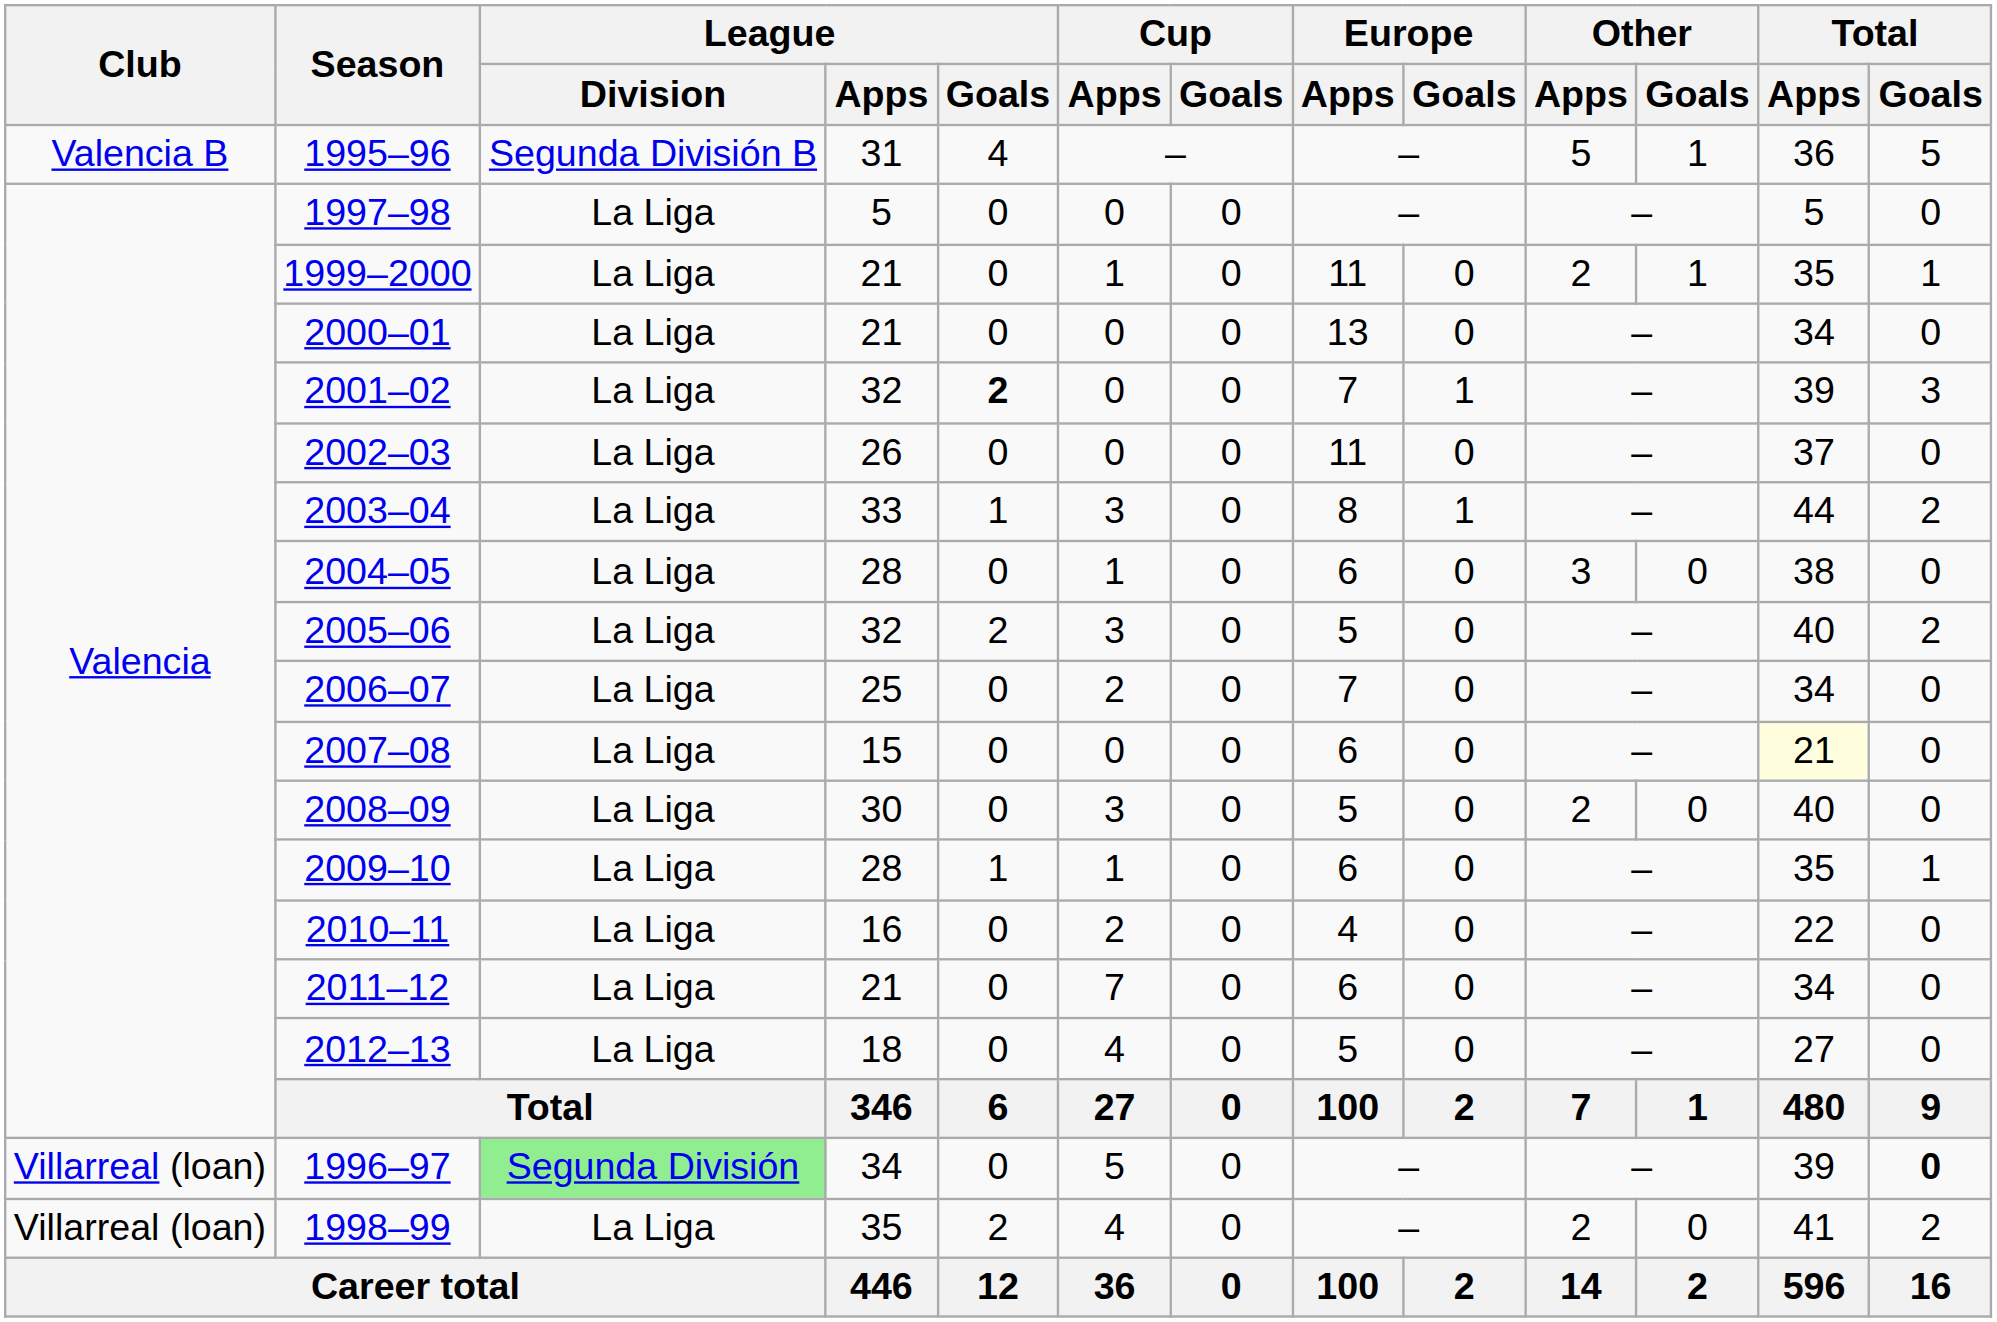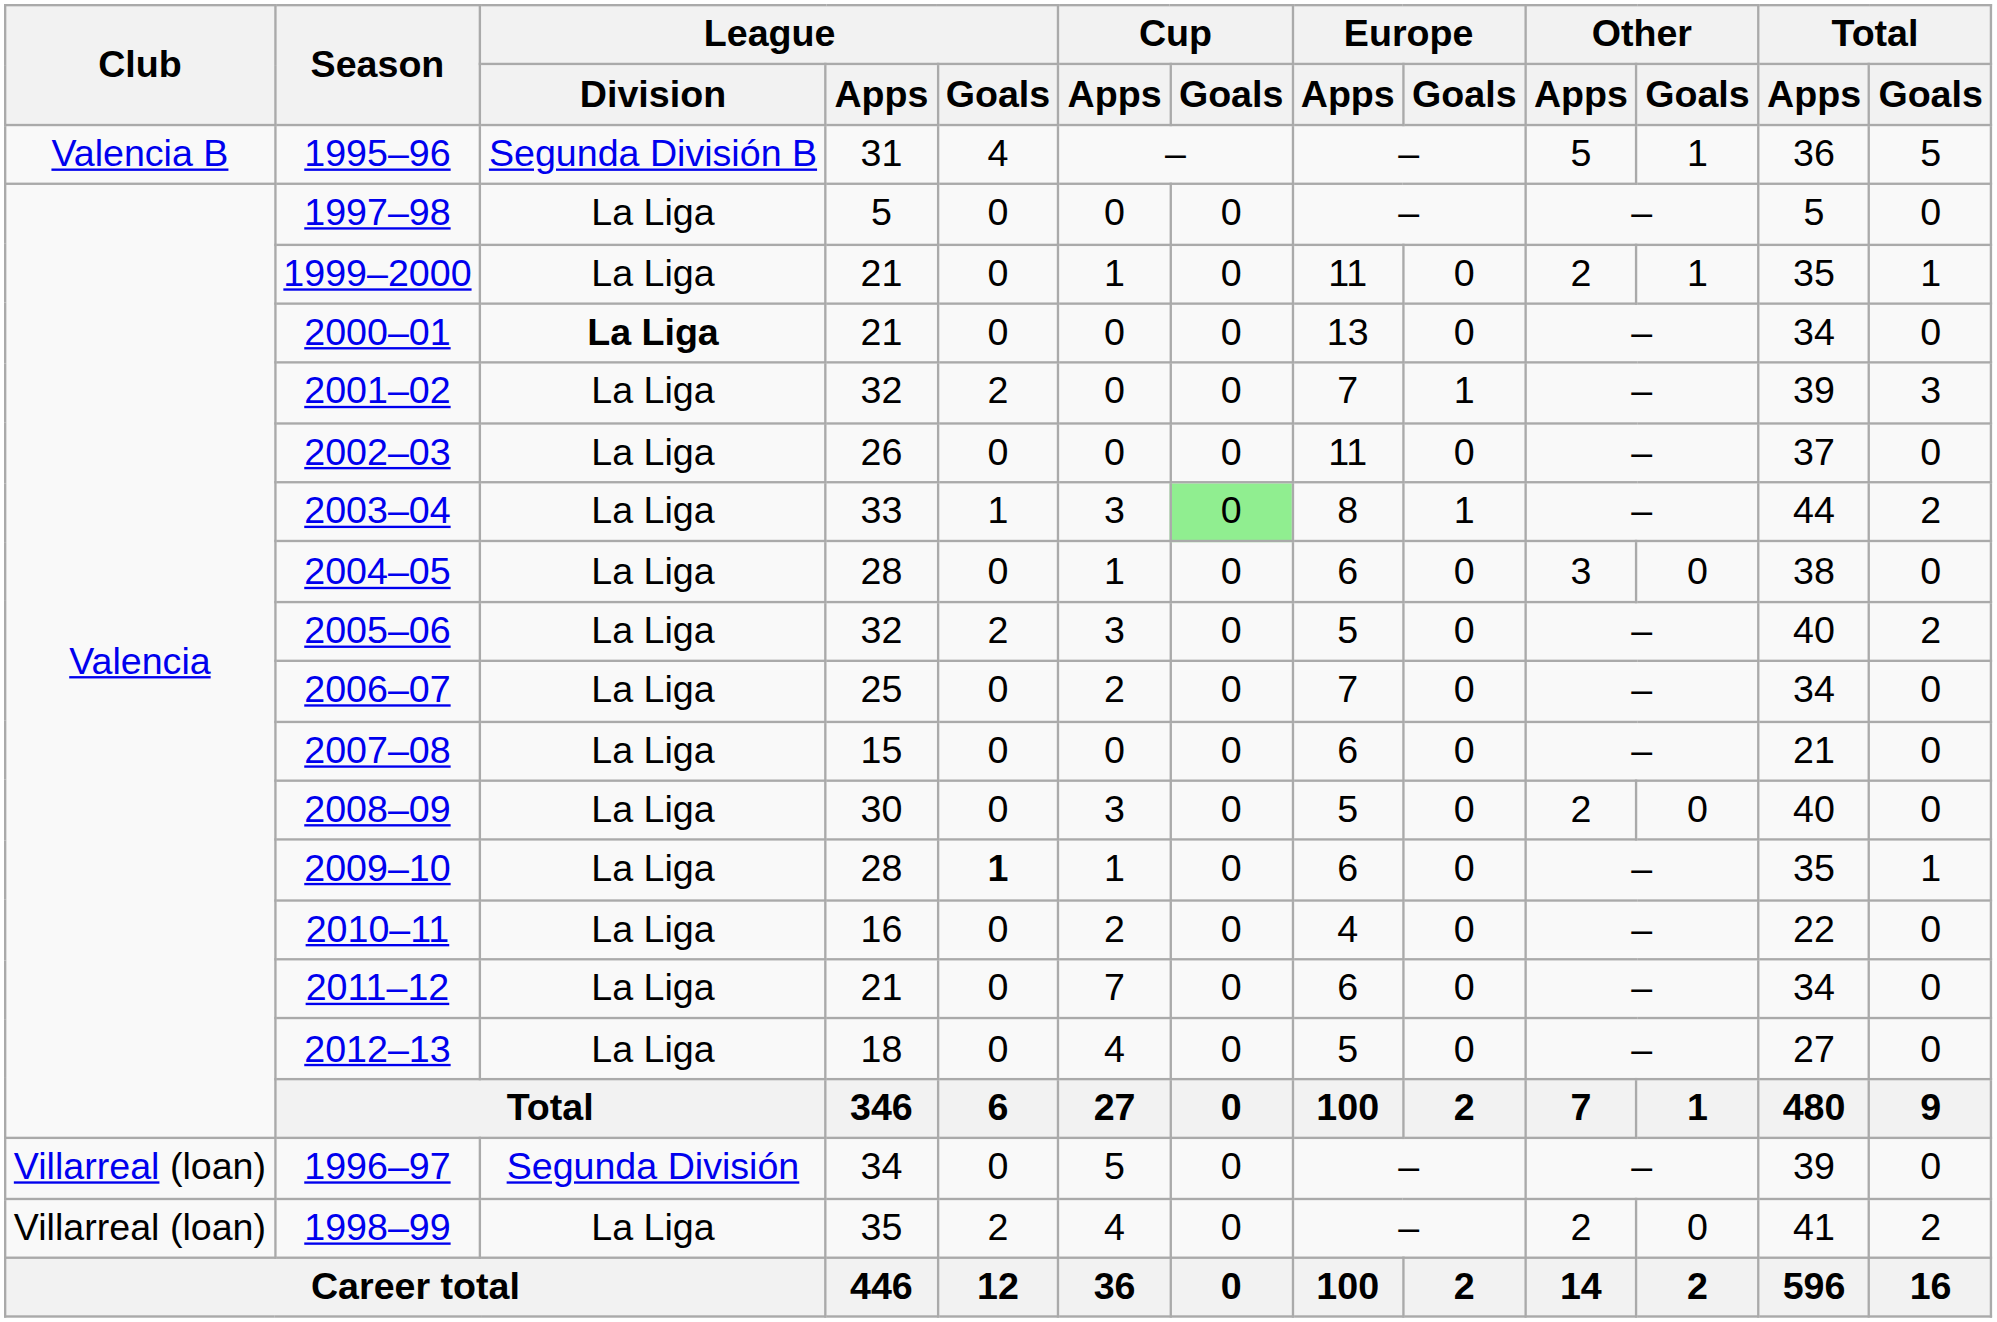 <table class="wikitable" style="text-align:center">
 <tr>
 <th rowspan="2">Club</th>
 <th rowspan="2">Season</th>
 <th colspan="3">League</th>
 <th colspan="2">Cup</th>
 <th colspan="2">Europe</th>
 <th colspan="2">Other</th>
 <th colspan="2">Total</th>
 </tr>
 <tr>
 <th>Division</th>
 <th>Apps</th>
 <th>Goals</th>
 <th>Apps</th>
 <th>Goals</th>
 <th>Apps</th>
 <th>Goals</th>
 <th>Apps</th>
 <th>Goals</th>
 <th>Apps</th>
 <th>Goals</th>
 </tr>
 <tr>
 <td><a href='#'>Valencia B</a></td>
 <td><a href='#'>1995–96</a></td>
 <td><a href='#'>Segunda División B</a></td>
 <td>31</td>
 <td>4</td>
 <td colspan="2">–</td>
 <td colspan="2">–</td>
 <td>5</td>
 <td>1</td>
 <td>36</td>
 <td>5</td>
 </tr>
 <tr>
 <td rowspan="16"><a href='#'>Valencia</a></td>
 <td><a href='#'>1997–98</a></td>
 <td>La Liga</td>
 <td>5</td>
 <td>0</td>
 <td>0</td>
 <td>0</td>
 <td colspan="2">–</td>
 <td colspan="2">–</td>
 <td>5</td>
 <td>0</td>
 </tr>
 <tr>
 <td><a href='#'>1999–2000</a></td>
 <td>La Liga</td>
 <td>21</td>
 <td>0</td>
 <td>1</td>
 <td>0</td>
 <td>11</td>
 <td>0</td>
 <td>2</td>
 <td>1</td>
 <td>35</td>
 <td>1</td>
 </tr>
 <tr>
 <td><a href='#'>2000–01</a></td>
-<td>La Liga</td>
+<td><strong>La Liga</strong></td>
 <td>21</td>
 <td>0</td>
 <td>0</td>
 <td>0</td>
 <td>13</td>
 <td>0</td>
 <td colspan="2">–</td>
 <td>34</td>
 <td>0</td>
 </tr>
 <tr>
 <td><a href='#'>2001–02</a></td>
 <td>La Liga</td>
 <td>32</td>
-<td><strong>2</strong></td>
+<td>2</td>
 <td>0</td>
 <td>0</td>
 <td>7</td>
 <td>1</td>
 <td colspan="2">–</td>
 <td>39</td>
 <td>3</td>
 </tr>
 <tr>
 <td><a href='#'>2002–03</a></td>
 <td>La Liga</td>
 <td>26</td>
 <td>0</td>
 <td>0</td>
 <td>0</td>
 <td>11</td>
 <td>0</td>
 <td colspan="2">–</td>
 <td>37</td>
 <td>0</td>
 </tr>
 <tr>
 <td><a href='#'>2003–04</a></td>
 <td>La Liga</td>
 <td>33</td>
 <td>1</td>
 <td>3</td>
-<td>0</td>
+<td style="background: lightgreen;">0</td>
 <td>8</td>
 <td>1</td>
 <td colspan="2">–</td>
 <td>44</td>
 <td>2</td>
 </tr>
 <tr>
 <td><a href='#'>2004–05</a></td>
 <td>La Liga</td>
 <td>28</td>
 <td>0</td>
 <td>1</td>
 <td>0</td>
 <td>6</td>
 <td>0</td>
 <td>3</td>
 <td>0</td>
 <td>38</td>
 <td>0</td>
 </tr>
 <tr>
 <td><a href='#'>2005–06</a></td>
 <td>La Liga</td>
 <td>32</td>
 <td>2</td>
 <td>3</td>
 <td>0</td>
 <td>5</td>
 <td>0</td>
 <td colspan="2">–</td>
 <td>40</td>
 <td>2</td>
 </tr>
 <tr>
 <td><a href='#'>2006–07</a></td>
 <td>La Liga</td>
 <td>25</td>
 <td>0</td>
 <td>2</td>
 <td>0</td>
 <td>7</td>
 <td>0</td>
 <td colspan="2">–</td>
 <td>34</td>
 <td>0</td>
 </tr>
 <tr>
 <td><a href='#'>2007–08</a></td>
 <td>La Liga</td>
 <td>15</td>
 <td>0</td>
 <td>0</td>
 <td>0</td>
 <td>6</td>
 <td>0</td>
 <td colspan="2">–</td>
-<td style="background: lightyellow;">21</td>
+<td>21</td>
 <td>0</td>
 </tr>
 <tr>
 <td><a href='#'>2008–09</a></td>
 <td>La Liga</td>
 <td>30</td>
 <td>0</td>
 <td>3</td>
 <td>0</td>
 <td>5</td>
 <td>0</td>
 <td>2</td>
 <td>0</td>
 <td>40</td>
 <td>0</td>
 </tr>
 <tr>
 <td><a href='#'>2009–10</a></td>
 <td>La Liga</td>
 <td>28</td>
-<td>1</td>
+<td><strong>1</strong></td>
 <td>1</td>
 <td>0</td>
 <td>6</td>
 <td>0</td>
 <td colspan="2">–</td>
 <td>35</td>
 <td>1</td>
 </tr>
 <tr>
 <td><a href='#'>2010–11</a></td>
 <td>La Liga</td>
 <td>16</td>
 <td>0</td>
 <td>2</td>
 <td>0</td>
 <td>4</td>
 <td>0</td>
 <td colspan="2">–</td>
 <td>22</td>
 <td>0</td>
 </tr>
 <tr>
 <td><a href='#'>2011–12</a></td>
 <td>La Liga</td>
 <td>21</td>
 <td>0</td>
 <td>7</td>
 <td>0</td>
 <td>6</td>
 <td>0</td>
 <td colspan="2">–</td>
 <td>34</td>
 <td>0</td>
 </tr>
 <tr>
 <td><a href='#'>2012–13</a></td>
 <td>La Liga</td>
 <td>18</td>
 <td>0</td>
 <td>4</td>
 <td>0</td>
 <td>5</td>
 <td>0</td>
 <td colspan="2">–</td>
 <td>27</td>
 <td>0</td>
 </tr>
 <tr>
 <th colspan="2">Total</th>
 <th>346</th>
 <th>6</th>
 <th>27</th>
 <th>0</th>
 <th>100</th>
 <th>2</th>
 <th>7</th>
 <th>1</th>
 <th>480</th>
 <th>9</th>
 </tr>
 <tr>
 <td><a href='#'>Villarreal</a> (loan)</td>
 <td><a href='#'>1996–97</a></td>
-<td style="background: lightgreen;"><a href='#'>Segunda División</a></td>
+<td><a href='#'>Segunda División</a></td>
 <td>34</td>
 <td>0</td>
 <td>5</td>
 <td>0</td>
 <td colspan="2">–</td>
 <td colspan="2">–</td>
 <td>39</td>
-<td><strong>0</strong></td>
+<td>0</td>
 </tr>
 <tr>
 <td>Villarreal (loan)</td>
 <td><a href='#'>1998–99</a></td>
 <td>La Liga</td>
 <td>35</td>
 <td>2</td>
 <td>4</td>
 <td>0</td>
 <td colspan="2">–</td>
 <td>2</td>
 <td>0</td>
 <td>41</td>
 <td>2</td>
 </tr>
 <tr>
 <th colspan="3">Career total</th>
 <th>446</th>
 <th>12</th>
 <th>36</th>
 <th>0</th>
 <th>100</th>
 <th>2</th>
 <th>14</th>
 <th>2</th>
 <th>596</th>
 <th>16</th>
 </tr>
 </table>
